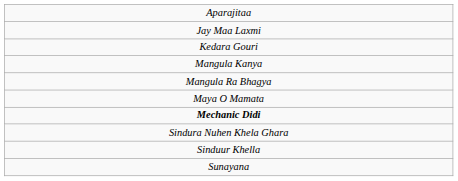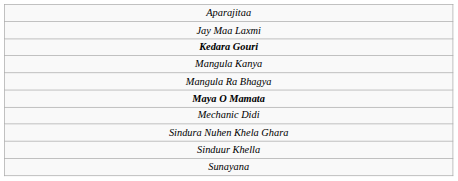 <table class="wikitable sortable" style="border-collapse:collapse; font-size: 90%; text-align:center" width="100%">
 <tr>
 <td><em>Aparajitaa</em></td>
 </tr>
 <tr>
 <td><em>Jay Maa Laxmi</em></td>
 </tr>
 <tr>
-<td><em>Kedara Gouri</em></td>
+<td><strong><em>Kedara Gouri</em></strong></td>
 </tr>
 <tr>
 <td><em>Mangula Kanya</em></td>
 </tr>
 <tr>
 <td><em>Mangula Ra Bhagya</em></td>
 </tr>
 <tr>
-<td><em>Maya O Mamata</em></td>
+<td><strong><em>Maya O Mamata</em></strong></td>
 </tr>
 <tr>
-<td><strong><em>Mechanic Didi</em></strong></td>
+<td><em>Mechanic Didi</em></td>
 </tr>
 <tr>
 <td><em>Sindura Nuhen Khela Ghara</em></td>
 </tr>
 <tr>
 <td><em>Sinduur Khella</em></td>
 </tr>
 <tr>
 <td><em>Sunayana</em></td>
 </tr>
 </table>
